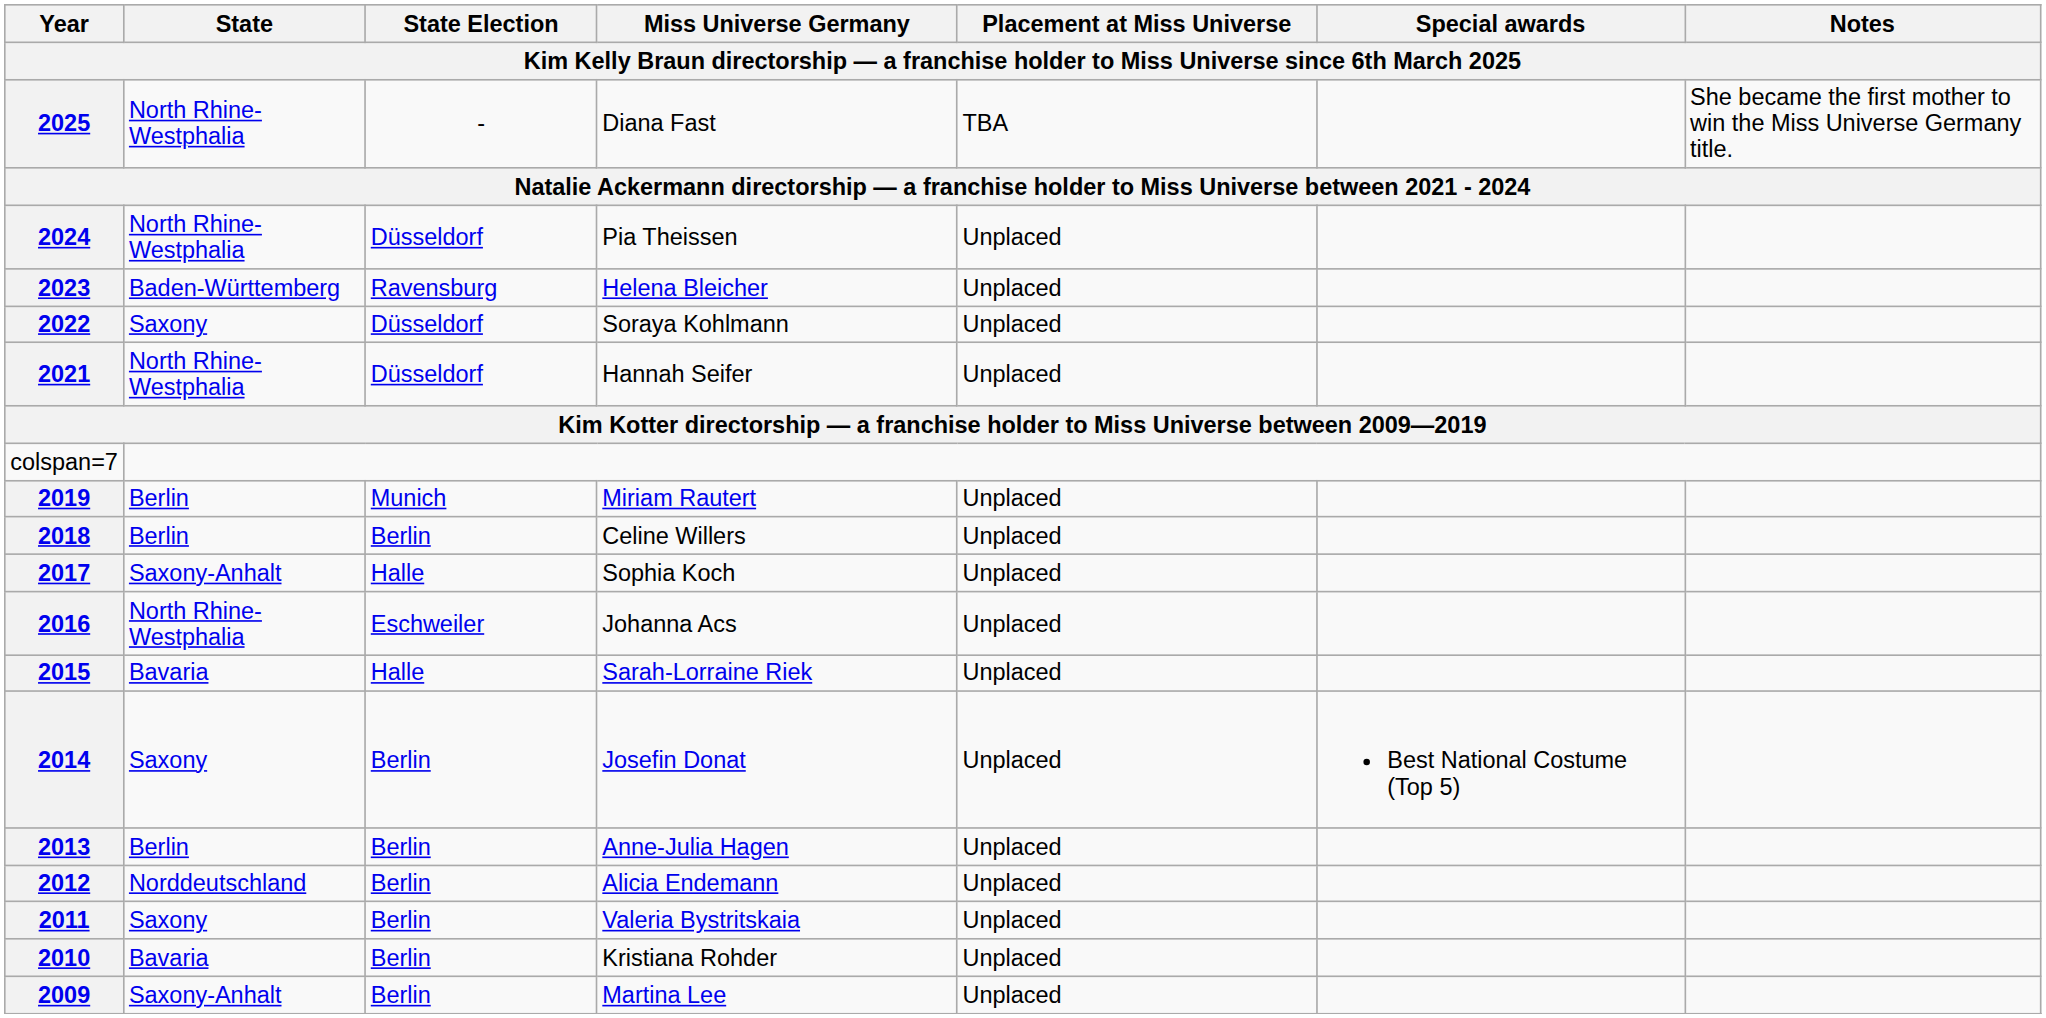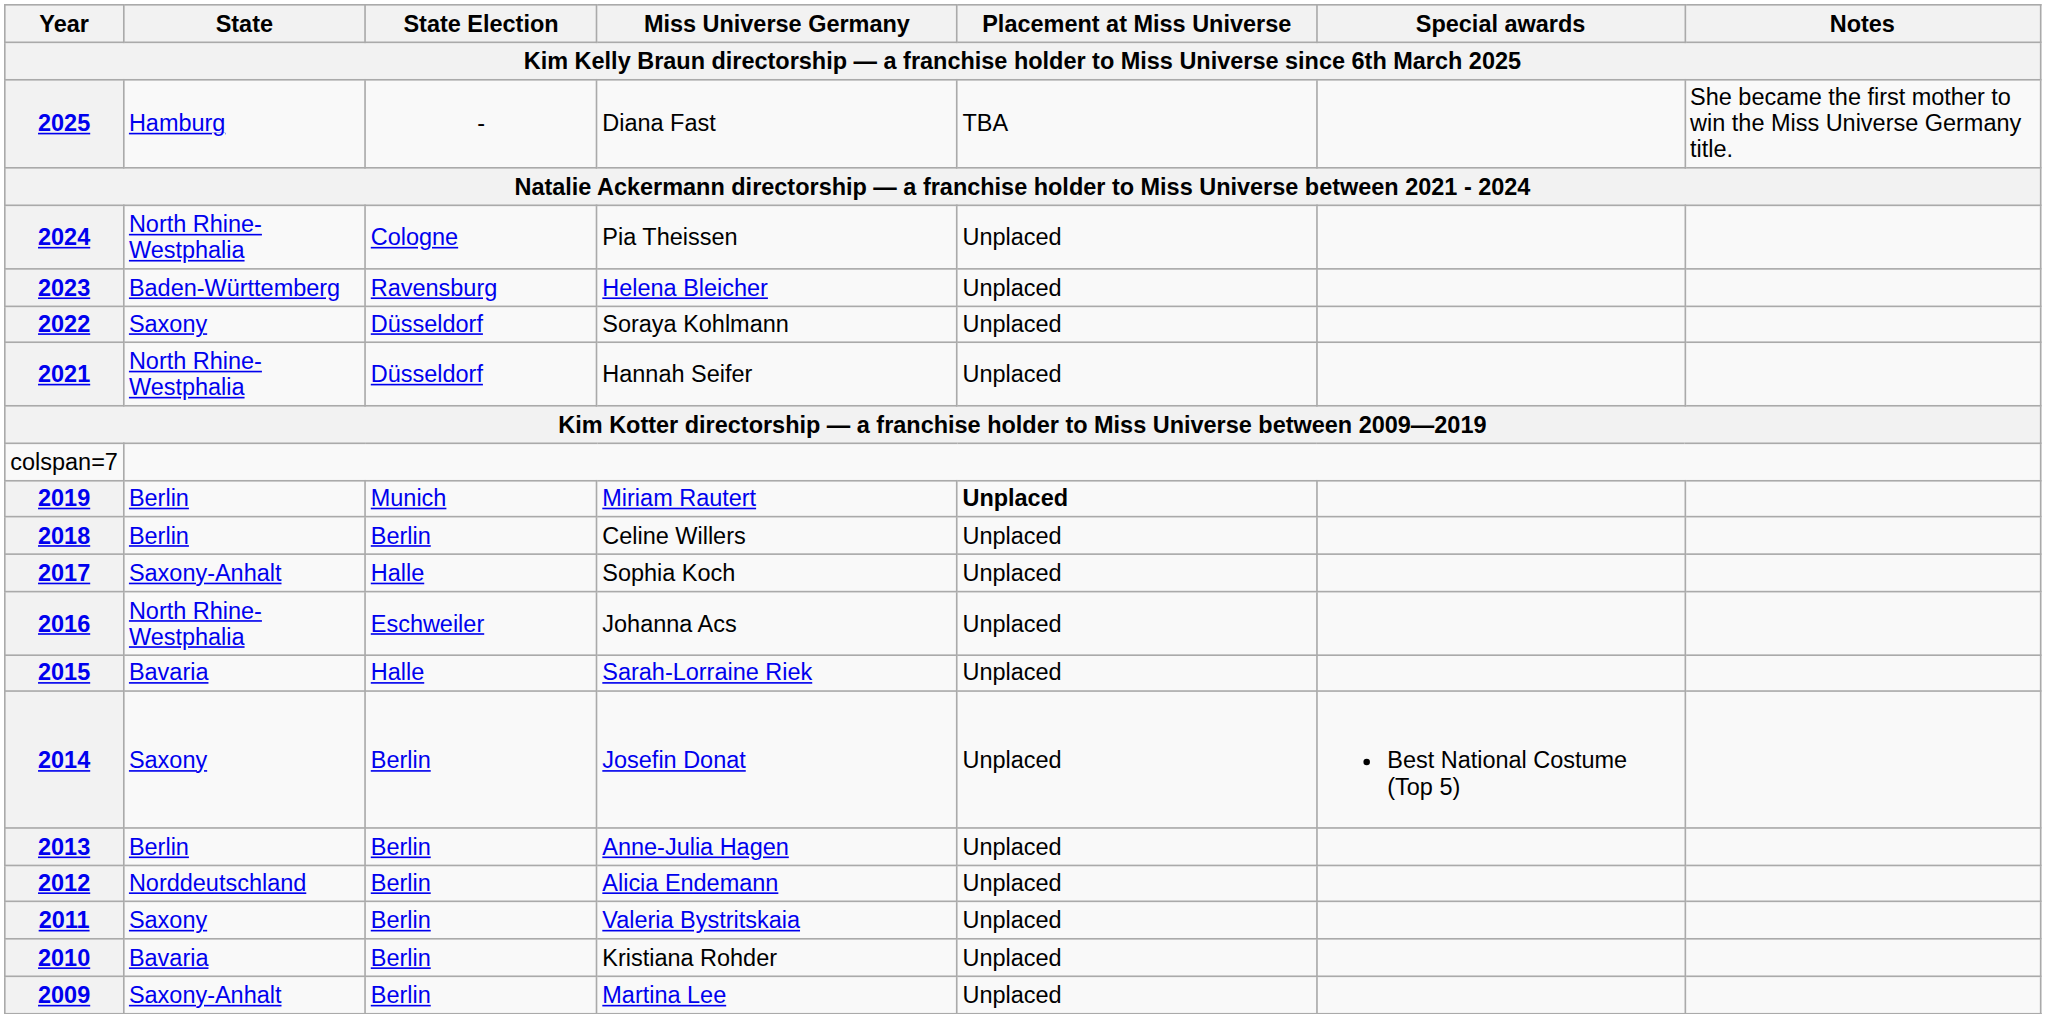 <table class="wikitable " style="font-size: 90%;">
 <tr>
 <th width="60">Year</th>
 <th width="150">State</th>
 <th width="150">State Election</th>
 <th width="250">Miss Universe Germany</th>
 <th width="250">Placement at Miss Universe</th>
 <th width="250">Special awards</th>
 <th width="250">Notes</th>
 </tr>
 <tr>
 <th colspan="7">Kim Kelly Braun directorship — a franchise holder to Miss Universe since 6th March 2025</th>
 </tr>
 <tr>
 <th><a href='#'>2025</a></th>
-<td><a href='#'>North Rhine-Westphalia</a></td>
+<td><a href='#'>Hamburg</a></td>
 <td align="center">-</td>
 <td>Diana Fast</td>
 <td>TBA</td>
 <td></td>
 <td>She became the first mother to win the Miss Universe Germany title.</td>
 </tr>
 <tr>
 <th colspan="7">Natalie Ackermann directorship — a franchise holder to Miss Universe between 2021 - 2024</th>
 </tr>
 <tr>
 <th><a href='#'>2024</a></th>
 <td><a href='#'>North Rhine-Westphalia</a></td>
-<td><a href='#'>Düsseldorf</a></td>
+<td><a href='#'>Cologne</a></td>
 <td>Pia Theissen</td>
 <td>Unplaced</td>
 <td></td>
 <td></td>
 </tr>
 <tr>
 <th><a href='#'>2023</a></th>
 <td><a href='#'>Baden-Württemberg</a></td>
 <td><a href='#'>Ravensburg</a></td>
 <td><a href='#'>Helena Bleicher</a></td>
 <td>Unplaced</td>
 <td></td>
 <td></td>
 </tr>
 <tr>
 <th><a href='#'>2022</a></th>
 <td><a href='#'>Saxony</a></td>
 <td><a href='#'>Düsseldorf</a></td>
 <td>Soraya Kohlmann</td>
 <td>Unplaced</td>
 <td></td>
 <td></td>
 </tr>
 <tr>
 <th><a href='#'>2021</a></th>
 <td><a href='#'>North Rhine-Westphalia</a></td>
 <td><a href='#'>Düsseldorf</a></td>
 <td>Hannah Seifer</td>
 <td>Unplaced</td>
 <td></td>
 <td></td>
 </tr>
 <tr>
 <th colspan="7">Kim Kotter directorship — a franchise holder to Miss Universe between 2009―2019</th>
 </tr>
 <tr>
 <td>colspan=7 </td>
 </tr>
 <tr>
 <th><a href='#'>2019</a></th>
 <td><a href='#'>Berlin</a></td>
 <td><a href='#'>Munich</a></td>
 <td><a href='#'>Miriam Rautert</a></td>
-<td>Unplaced</td>
+<td><strong>Unplaced</strong></td>
 <td></td>
 <td></td>
 </tr>
 <tr>
 <th><a href='#'>2018</a></th>
 <td><a href='#'>Berlin</a></td>
 <td><a href='#'>Berlin</a></td>
 <td>Celine Willers</td>
 <td>Unplaced</td>
 <td></td>
 <td></td>
 </tr>
 <tr>
 <th><a href='#'>2017</a></th>
 <td><a href='#'>Saxony-Anhalt</a></td>
 <td><a href='#'>Halle</a></td>
 <td>Sophia Koch</td>
 <td>Unplaced</td>
 <td></td>
 <td></td>
 </tr>
 <tr>
 <th><a href='#'>2016</a></th>
 <td><a href='#'>North Rhine-Westphalia</a></td>
 <td><a href='#'>Eschweiler</a></td>
 <td>Johanna Acs</td>
 <td>Unplaced</td>
 <td></td>
 <td></td>
 </tr>
 <tr>
 <th><a href='#'>2015</a></th>
 <td><a href='#'>Bavaria</a></td>
 <td><a href='#'>Halle</a></td>
 <td><a href='#'>Sarah-Lorraine Riek</a></td>
 <td>Unplaced</td>
 <td></td>
 <td></td>
 </tr>
 <tr>
 <th><a href='#'>2014</a></th>
 <td><a href='#'>Saxony</a></td>
 <td><a href='#'>Berlin</a></td>
 <td><a href='#'>Josefin Donat</a></td>
 <td>Unplaced</td>
 <td align="left"><br><ul><li>Best National Costume (Top 5)</li></ul></td>
 <td></td>
 </tr>
 <tr>
 <th><a href='#'>2013</a></th>
 <td><a href='#'>Berlin</a></td>
 <td><a href='#'>Berlin</a></td>
 <td><a href='#'>Anne-Julia Hagen</a></td>
 <td>Unplaced</td>
 <td></td>
 <td></td>
 </tr>
 <tr>
 <th><a href='#'>2012</a></th>
 <td><a href='#'>Norddeutschland</a></td>
 <td><a href='#'>Berlin</a></td>
 <td><a href='#'>Alicia Endemann</a></td>
 <td>Unplaced</td>
 <td></td>
 <td></td>
 </tr>
 <tr>
 <th><a href='#'>2011</a></th>
 <td><a href='#'>Saxony</a></td>
 <td><a href='#'>Berlin</a></td>
 <td><a href='#'>Valeria Bystritskaia</a></td>
 <td>Unplaced</td>
 <td></td>
 <td></td>
 </tr>
 <tr>
 <th><a href='#'>2010</a></th>
 <td><a href='#'>Bavaria</a></td>
 <td><a href='#'>Berlin</a></td>
 <td>Kristiana Rohder</td>
 <td>Unplaced</td>
 <td></td>
 <td></td>
 </tr>
 <tr>
 <th><a href='#'>2009</a></th>
 <td><a href='#'>Saxony-Anhalt</a></td>
 <td><a href='#'>Berlin</a></td>
 <td><a href='#'>Martina Lee</a></td>
 <td>Unplaced</td>
 <td></td>
 <td></td>
 </tr>
 <tr>
 </tr>
 </table>
